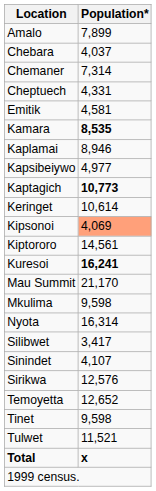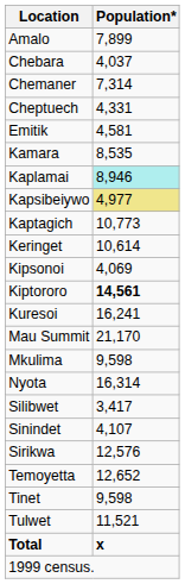 <table class="wikitable">
 <tr>
 <th>Location</th>
 <th>Population*</th>
 </tr>
 <tr>
 <td>Amalo</td>
 <td>7,899</td>
 </tr>
 <tr>
 <td>Chebara</td>
 <td>4,037</td>
 </tr>
 <tr>
 <td>Chemaner</td>
 <td>7,314</td>
 </tr>
 <tr>
 <td>Cheptuech</td>
 <td>4,331</td>
 </tr>
 <tr>
 <td>Emitik</td>
 <td>4,581</td>
 </tr>
 <tr>
 <td>Kamara</td>
-<td><strong>8,535</strong></td>
+<td>8,535</td>
 </tr>
 <tr>
 <td>Kaplamai</td>
-<td>8,946</td>
+<td style="background: paleturquoise;">8,946</td>
 </tr>
 <tr>
 <td>Kapsibeiywo</td>
-<td>4,977</td>
+<td style="background: khaki;">4,977</td>
 </tr>
 <tr>
 <td>Kaptagich</td>
-<td><strong>10,773</strong></td>
+<td>10,773</td>
 </tr>
 <tr>
 <td>Keringet</td>
 <td>10,614</td>
 </tr>
 <tr>
 <td>Kipsonoi</td>
-<td style="background: lightsalmon;">4,069</td>
+<td>4,069</td>
 </tr>
 <tr>
 <td>Kiptororo</td>
-<td>14,561</td>
+<td><strong>14,561</strong></td>
 </tr>
 <tr>
 <td>Kuresoi</td>
-<td><strong>16,241</strong></td>
+<td>16,241</td>
 </tr>
 <tr>
 <td>Mau Summit</td>
 <td>21,170</td>
 </tr>
 <tr>
 <td>Mkulima</td>
 <td>9,598</td>
 </tr>
 <tr>
 <td>Nyota</td>
 <td>16,314</td>
 </tr>
 <tr>
 <td>Silibwet</td>
 <td>3,417</td>
 </tr>
 <tr>
 <td>Sinindet</td>
 <td>4,107</td>
 </tr>
 <tr>
 <td>Sirikwa</td>
 <td>12,576</td>
 </tr>
 <tr>
 <td>Temoyetta</td>
 <td>12,652</td>
 </tr>
 <tr>
 <td>Tinet</td>
 <td>9,598</td>
 </tr>
 <tr>
 <td>Tulwet</td>
 <td>11,521</td>
 </tr>
 <tr>
 <td><strong>Total</strong></td>
 <td><strong>x</strong></td>
 </tr>
 <tr>
 <td colspan="2">1999 census.</td>
 </tr>
 </table>
